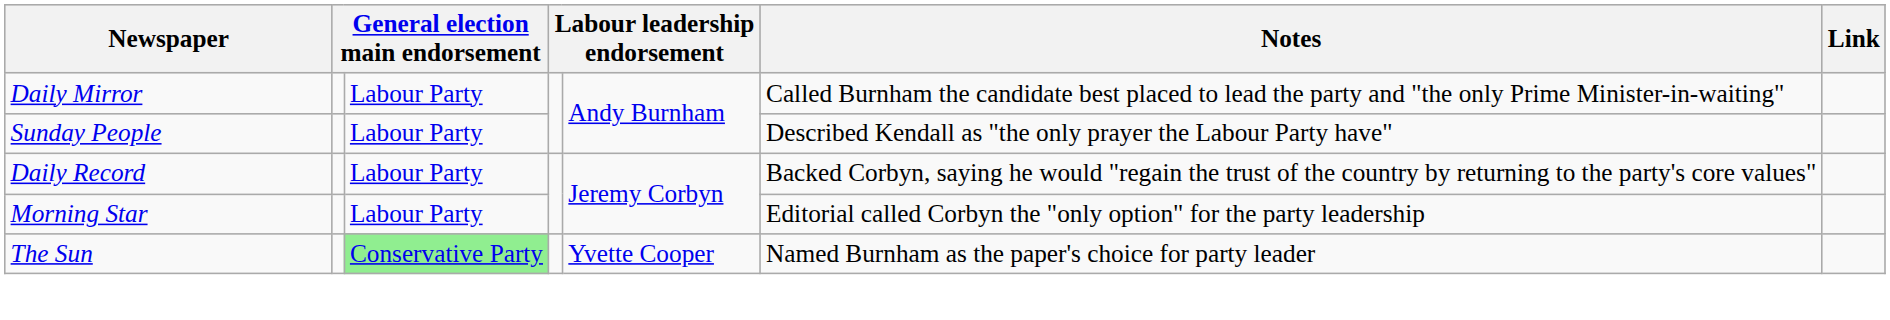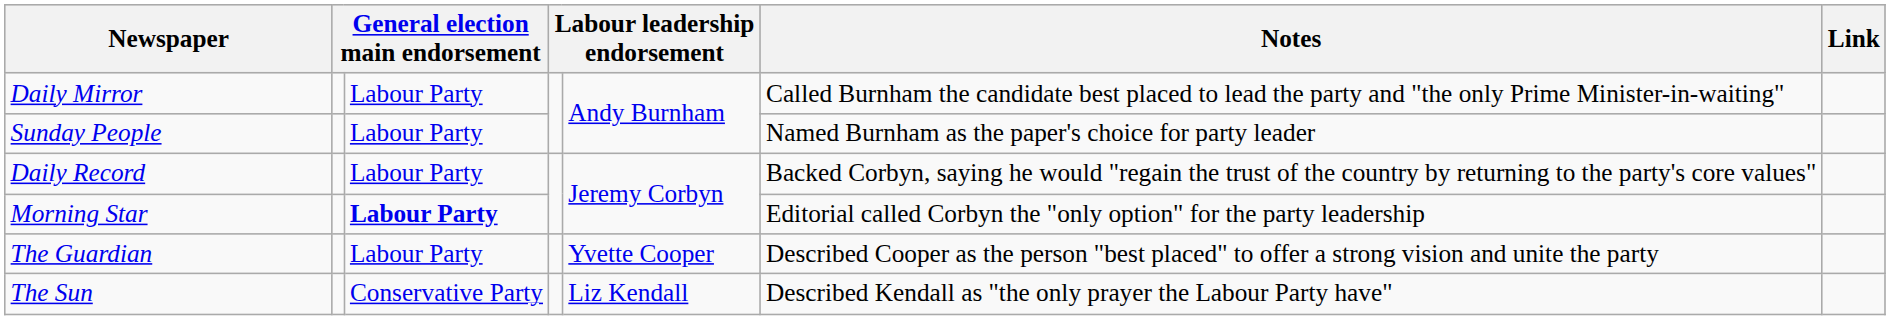 <table class="wikitable">
 <tr>
 <th style="width:200px;">Newspaper</th>
 <th colspan=2><a href='#'>General election</a><br>main endorsement</th>
 <th colspan=2>Labour leadership<br>endorsement</th>
 <th>Notes</th>
 <th>Link</th>
 </tr>
 <tr>
 <td><em><a href='#'>Daily Mirror</a></em></td>
 <td style="background-color: "></td>
 <td><a href='#'>Labour Party</a></td>
 <td rowspan="2" style="background-color: "></td>
 <td rowspan="2"><a href='#'>Andy Burnham</a></td>
 <td>Called Burnham the candidate best placed to lead the party and "the only Prime Minister-in-waiting"</td>
 <td></td>
 </tr>
 <tr>
 <td><em><a href='#'>Sunday People</a></em></td>
 <td style="background-color: "></td>
 <td><a href='#'>Labour Party</a></td>
-<td>Described Kendall as "the only prayer the Labour Party have"</td>
+<td>Named Burnham as the paper's choice for party leader</td>
 <td></td>
 </tr>
 <tr>
 <td><em><a href='#'>Daily Record</a></em></td>
 <td style="background-color: "></td>
 <td><a href='#'>Labour Party</a></td>
 <td rowspan="2" style="background-color: "></td>
 <td rowspan="2"><a href='#'>Jeremy Corbyn</a></td>
 <td>Backed Corbyn, saying he would "regain the trust of the country by returning to the party's core values"</td>
 <td></td>
 </tr>
 <tr>
 <td><em><a href='#'>Morning Star</a></em></td>
 <td style="background-color: "></td>
+<td><strong><a href='#'>Labour Party</a></strong></td>
+<td>Editorial called Corbyn the "only option" for the party leadership</td>
+<td></td>
+</tr>
+<tr>
+<td><em><a href='#'>The Guardian</a></em></td>
+<td style="background-color: "></td>
 <td><a href='#'>Labour Party</a></td>
-<td>Editorial called Corbyn the "only option" for the party leadership</td>
+<td rowspan="1" style="background-color: "></td>
+<td><a href='#'>Yvette Cooper</a></td>
+<td>Described Cooper as the person "best placed" to offer a strong vision and unite the party</td>
 <td></td>
 </tr>
 <tr>
 <td><em><a href='#'>The Sun</a></em></td>
 <td style="background-color: "></td>
-<td style="background: lightgreen;"><a href='#'>Conservative Party</a></td>
+<td><a href='#'>Conservative Party</a></td>
 <td rowspan="1" style="background-color: "></td>
-<td><a href='#'>Yvette Cooper</a></td>
-<td>Named Burnham as the paper's choice for party leader</td>
+<td><a href='#'>Liz Kendall</a></td>
+<td>Described Kendall as "the only prayer the Labour Party have"</td>
 <td></td>
 </tr>
 </table>
